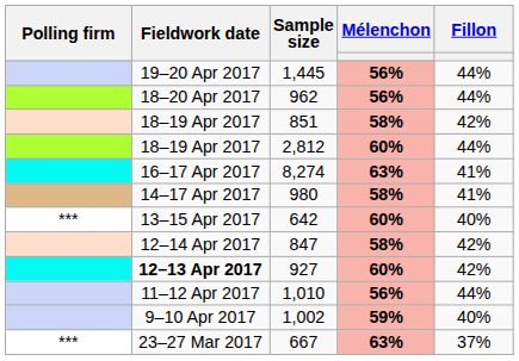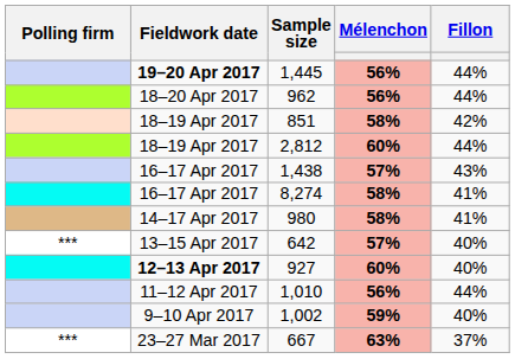 <table class="wikitable sortable" style="text-align:center;font-size:90%;line-height:14px;">
 <tr style="height:40px;">
 <th style="width:100px;" rowspan="2">Polling firm</th>
 <th style="width:110px;" rowspan="2">Fieldwork date</th>
 <th style="width:35px;" rowspan="2">Sample<br>size</th>
 <th class="unsortable" style="width:60px;"><a href='#'>Mélenchon</a><br></th>
 <th class="unsortable" style="width:60px;"><a href='#'>Fillon</a><br></th>
 </tr>
 <tr>
 <th style="background:"></th>
 <th style="background:"></th>
 </tr>
 <tr>
 <td style="background:#CAD5F7;"></td>
-<td data-sort-value="2017-04-20">19–20 Apr 2017</td>
+<td data-sort-value="2017-04-20"><strong>19–20 Apr 2017</strong></td>
 <td>1,445</td>
 <td style="background:#F8B3AB;"><strong>56%</strong></td>
 <td>44%</td>
 </tr>
 <tr>
 <td style="background:GreenYellow;"></td>
 <td data-sort-value="2017-04-20">18–20 Apr 2017</td>
 <td>962</td>
 <td style="background:#F8B3AB;"><strong>56%</strong></td>
 <td>44%</td>
 </tr>
 <tr>
 <td style="background:#FFDFCC;"> </td>
 <td data-sort-value="2017-04-19">18–19 Apr 2017</td>
 <td>851</td>
 <td style="background:#F8B3AB;"><strong>58%</strong></td>
 <td>42%</td>
 </tr>
 <tr>
 <td style="background:GreenYellow;"></td>
 <td data-sort-value="2017-04-19">18–19 Apr 2017</td>
 <td>2,812</td>
 <td style="background:#F8B3AB;"><strong>60%</strong></td>
 <td>44%</td>
 </tr>
 <tr>
+<td style="background:#CAD5F7;"></td>
+<td data-sort-value="2017-04-17">16–17 Apr 2017</td>
+<td>1,438</td>
+<td style="background:#F8B3AB;"><strong>57%</strong></td>
+<td>43%</td>
+</tr>
+<tr>
 <td style="background:#04FBF4;"></td>
 <td data-sort-value="2017-04-17">16–17 Apr 2017</td>
 <td>8,274</td>
-<td style="background:#F8B3AB;"><strong>63%</strong></td>
+<td style="background:#F8B3AB;"><strong>58%</strong></td>
 <td>41%</td>
 </tr>
 <tr>
 <td style="background:burlywood;"> </td>
 <td data-sort-value="2017-04-17">14–17 Apr 2017</td>
 <td>980</td>
 <td style="background:#F8B3AB;"><strong>58%</strong></td>
 <td>41%</td>
 </tr>
 <tr>
 <td style="background:#FFFFFF;">***</td>
 <td data-sort-value="2017-04-15">13–15 Apr 2017</td>
 <td>642</td>
-<td style="background:#F8B3AB;"><strong>60%</strong></td>
+<td style="background:#F8B3AB;"><strong>57%</strong></td>
 <td>40%</td>
-</tr>
-<tr>
-<td style="background:#FFDFCC;"></td>
-<td data-sort-value="2017-04-14">12–14 Apr 2017</td>
-<td>847</td>
-<td style="background:#F8B3AB;"><strong>58%</strong></td>
-<td>42%</td>
 </tr>
 <tr>
 <td style="background:#04FBF4;"></td>
 <td data-sort-value="2017-04-13"><strong>12–13 Apr 2017</strong></td>
 <td>927</td>
 <td style="background:#F8B3AB;"><strong>60%</strong></td>
-<td>42%</td>
+<td>40%</td>
 </tr>
 <tr>
 <td style="background:#CAD5F7;"></td>
 <td data-sort-value="2017-04-12">11–12 Apr 2017</td>
 <td>1,010</td>
 <td style="background:#F8B3AB;"><strong>56%</strong></td>
 <td>44%</td>
 </tr>
 <tr>
 <td style="background:#CAD5F7;"></td>
 <td data-sort-value="2017-04-10">9–10 Apr 2017</td>
 <td>1,002</td>
 <td style="background:#F8B3AB;"><strong>59%</strong></td>
 <td>40%</td>
 </tr>
 <tr>
 <td style="background:#FFFFFF;">***</td>
 <td data-sort-value="2017-03-27">23–27 Mar 2017</td>
 <td>667</td>
 <td style="background:#F8B3AB;"><strong>63%</strong></td>
 <td>37%</td>
 </tr>
 </table>
